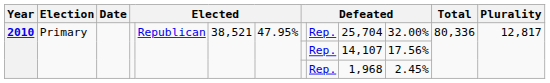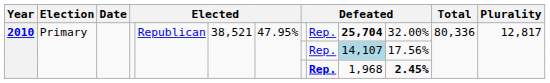 <table class="wikitable">
 <tr>
 <th>Year</th>
 <th>Election</th>
 <th>Date</th>
 <th colspan="4">Elected</th>
 <th colspan="4">Defeated</th>
 <th>Total</th>
 <th>Plurality</th>
 </tr>
 <tr>
 <th rowspan="3" valign="top"><a href='#'>2010</a></th>
 <td rowspan="3" valign="top">Primary</td>
 <td rowspan="3" valign="top"></td>
 <td rowspan="3" valign="top"></td>
 <td valign="top" rowspan="3" ><a href='#'>Republican</a></td>
 <td rowspan="3" valign="top" align="right">38,521</td>
 <td rowspan="3" valign="top" align="right">47.95%</td>
 <td valign="top"></td>
 <td valign="top" ><a href='#'>Rep.</a></td>
-<td valign="top" align="right">25,704</td>
+<td valign="top" align="right"><strong>25,704</strong></td>
 <td valign="top" align="right">32.00%</td>
 <td rowspan="3" valign="top" align="right">80,336</td>
 <td rowspan="3" valign="top" align="right">12,817</td>
 </tr>
 <tr>
 <td valign="top"></td>
 <td valign="top" ><a href='#'>Rep.</a></td>
-<td valign="top" align="right">14,107</td>
+<td valign="top" align="right" style="background: lightblue;">14,107</td>
 <td valign="top" align="right">17.56%</td>
 </tr>
 <tr>
 <td valign="top"></td>
-<td valign="top" ><a href='#'>Rep.</a></td>
+<td valign="top" ><strong><a href='#'>Rep.</a></strong></td>
 <td valign="top" align="right">1,968</td>
-<td valign="top" align="right">2.45%</td>
+<td valign="top" align="right"><strong>2.45%</strong></td>
 </tr>
 </table>
